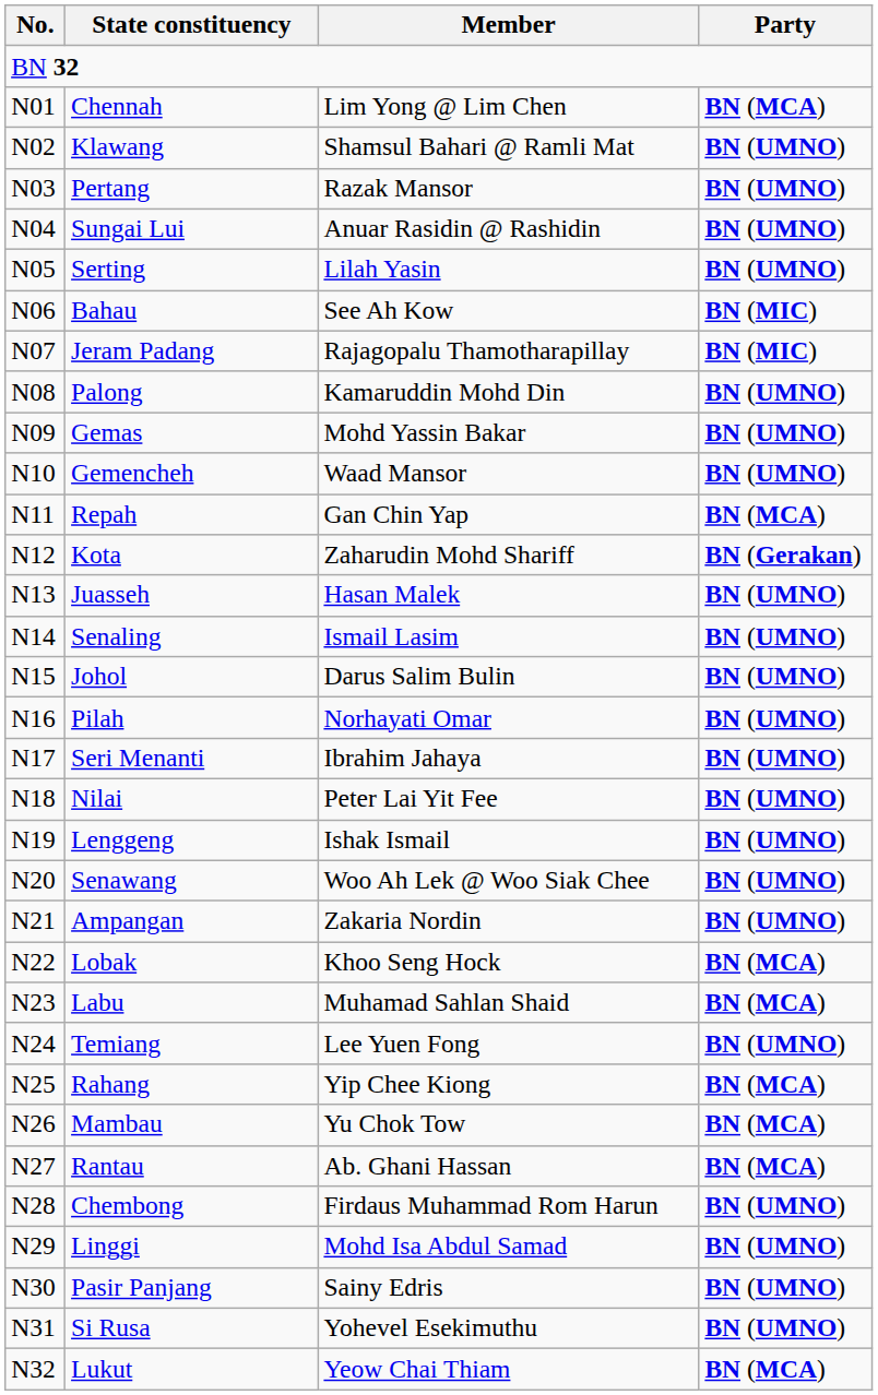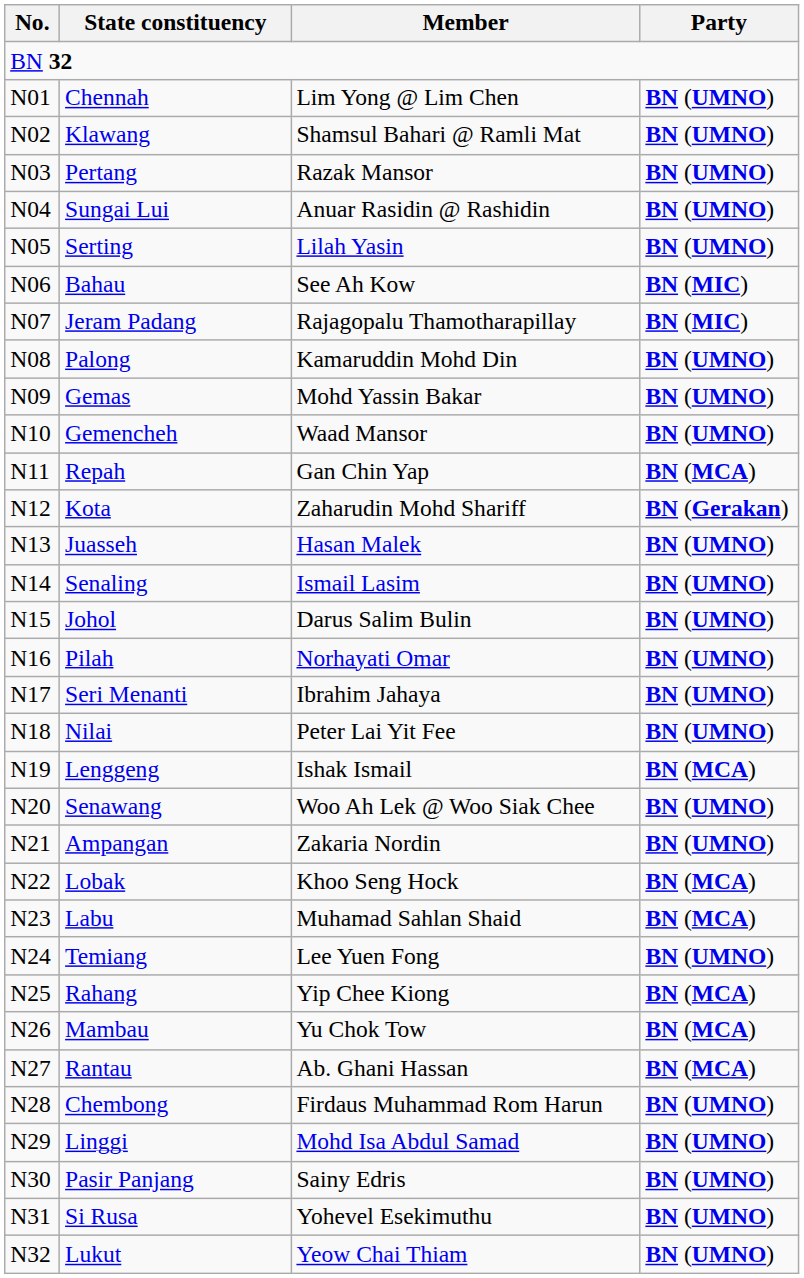 <table class="wikitable sortable">
 <tr>
 <th style="width:30px;">No.</th>
 <th style="width:150px;">State constituency</th>
 <th style="width:230px;">Member</th>
 <th style="width:100px;">Party</th>
 </tr>
 <tr>
 <td colspan="4"><a href='#'>BN</a> <strong>32</strong></td>
 </tr>
 <tr>
 <td>N01</td>
 <td><a href='#'>Chennah</a></td>
 <td>Lim Yong @ Lim Chen</td>
-<td><strong><a href='#'>BN</a></strong> (<strong><a href='#'>MCA</a></strong>)</td>
+<td><strong><a href='#'>BN</a></strong> (<strong><a href='#'>UMNO</a></strong>)</td>
 </tr>
 <tr>
 <td>N02</td>
 <td><a href='#'>Klawang</a></td>
 <td>Shamsul Bahari @ Ramli Mat</td>
 <td><strong><a href='#'>BN</a></strong> (<strong><a href='#'>UMNO</a></strong>)</td>
 </tr>
 <tr>
 <td>N03</td>
 <td><a href='#'>Pertang</a></td>
 <td>Razak Mansor</td>
 <td><strong><a href='#'>BN</a></strong> (<strong><a href='#'>UMNO</a></strong>)</td>
 </tr>
 <tr>
 <td>N04</td>
 <td><a href='#'>Sungai Lui</a></td>
 <td>Anuar Rasidin @ Rashidin</td>
 <td><strong><a href='#'>BN</a></strong> (<strong><a href='#'>UMNO</a></strong>)</td>
 </tr>
 <tr>
 <td>N05</td>
 <td><a href='#'>Serting</a></td>
 <td><a href='#'>Lilah Yasin</a></td>
 <td><strong><a href='#'>BN</a></strong> (<strong><a href='#'>UMNO</a></strong>)</td>
 </tr>
 <tr>
 <td>N06</td>
 <td><a href='#'>Bahau</a></td>
 <td>See Ah Kow</td>
 <td><strong><a href='#'>BN</a></strong> (<strong><a href='#'>MIC</a></strong>)</td>
 </tr>
 <tr>
 <td>N07</td>
 <td><a href='#'>Jeram Padang</a></td>
 <td>Rajagopalu Thamotharapillay</td>
 <td><strong><a href='#'>BN</a></strong> (<strong><a href='#'>MIC</a></strong>)</td>
 </tr>
 <tr>
 <td>N08</td>
 <td><a href='#'>Palong</a></td>
 <td>Kamaruddin Mohd Din</td>
 <td><strong><a href='#'>BN</a></strong> (<strong><a href='#'>UMNO</a></strong>)</td>
 </tr>
 <tr>
 <td>N09</td>
 <td><a href='#'>Gemas</a></td>
 <td>Mohd Yassin Bakar</td>
 <td><strong><a href='#'>BN</a></strong> (<strong><a href='#'>UMNO</a></strong>)</td>
 </tr>
 <tr>
 <td>N10</td>
 <td><a href='#'>Gemencheh</a></td>
 <td>Waad Mansor</td>
 <td><strong><a href='#'>BN</a></strong> (<strong><a href='#'>UMNO</a></strong>)</td>
 </tr>
 <tr>
 <td>N11</td>
 <td><a href='#'>Repah</a></td>
 <td>Gan Chin Yap</td>
 <td><strong><a href='#'>BN</a></strong> (<strong><a href='#'>MCA</a></strong>)</td>
 </tr>
 <tr>
 <td>N12</td>
 <td><a href='#'>Kota</a></td>
 <td>Zaharudin Mohd Shariff</td>
 <td><strong><a href='#'>BN</a></strong> (<strong><a href='#'>Gerakan</a></strong>)</td>
 </tr>
 <tr>
 <td>N13</td>
 <td><a href='#'>Juasseh</a></td>
 <td><a href='#'>Hasan Malek</a></td>
 <td><strong><a href='#'>BN</a></strong> (<strong><a href='#'>UMNO</a></strong>)</td>
 </tr>
 <tr>
 <td>N14</td>
 <td><a href='#'>Senaling</a></td>
 <td><a href='#'>Ismail Lasim</a></td>
 <td><strong><a href='#'>BN</a></strong> (<strong><a href='#'>UMNO</a></strong>)</td>
 </tr>
 <tr>
 <td>N15</td>
 <td><a href='#'>Johol</a></td>
 <td>Darus Salim Bulin</td>
 <td><strong><a href='#'>BN</a></strong> (<strong><a href='#'>UMNO</a></strong>)</td>
 </tr>
 <tr>
 <td>N16</td>
 <td><a href='#'>Pilah</a></td>
 <td><a href='#'>Norhayati Omar</a></td>
 <td><strong><a href='#'>BN</a></strong> (<strong><a href='#'>UMNO</a></strong>)</td>
 </tr>
 <tr>
 <td>N17</td>
 <td><a href='#'>Seri Menanti</a></td>
 <td>Ibrahim Jahaya</td>
 <td><strong><a href='#'>BN</a></strong> (<strong><a href='#'>UMNO</a></strong>)</td>
 </tr>
 <tr>
 <td>N18</td>
 <td><a href='#'>Nilai</a></td>
 <td>Peter Lai Yit Fee</td>
 <td><strong><a href='#'>BN</a></strong> (<strong><a href='#'>UMNO</a></strong>)</td>
 </tr>
 <tr>
 <td>N19</td>
 <td><a href='#'>Lenggeng</a></td>
 <td>Ishak Ismail</td>
-<td><strong><a href='#'>BN</a></strong> (<strong><a href='#'>UMNO</a></strong>)</td>
+<td><strong><a href='#'>BN</a></strong> (<strong><a href='#'>MCA</a></strong>)</td>
 </tr>
 <tr>
 <td>N20</td>
 <td><a href='#'>Senawang</a></td>
 <td>Woo Ah Lek @ Woo Siak Chee</td>
 <td><strong><a href='#'>BN</a></strong> (<strong><a href='#'>UMNO</a></strong>)</td>
 </tr>
 <tr>
 <td>N21</td>
 <td><a href='#'>Ampangan</a></td>
 <td>Zakaria Nordin</td>
 <td><strong><a href='#'>BN</a></strong> (<strong><a href='#'>UMNO</a></strong>)</td>
 </tr>
 <tr>
 <td>N22</td>
 <td><a href='#'>Lobak</a></td>
 <td>Khoo Seng Hock</td>
 <td><strong><a href='#'>BN</a></strong> (<strong><a href='#'>MCA</a></strong>)</td>
 </tr>
 <tr>
 <td>N23</td>
 <td><a href='#'>Labu</a></td>
 <td>Muhamad Sahlan Shaid</td>
 <td><strong><a href='#'>BN</a></strong> (<strong><a href='#'>MCA</a></strong>)</td>
 </tr>
 <tr>
 <td>N24</td>
 <td><a href='#'>Temiang</a></td>
 <td>Lee Yuen Fong</td>
 <td><strong><a href='#'>BN</a></strong> (<strong><a href='#'>UMNO</a></strong>)</td>
 </tr>
 <tr>
 <td>N25</td>
 <td><a href='#'>Rahang</a></td>
 <td>Yip Chee Kiong</td>
 <td><strong><a href='#'>BN</a></strong> (<strong><a href='#'>MCA</a></strong>)</td>
 </tr>
 <tr>
 <td>N26</td>
 <td><a href='#'>Mambau</a></td>
 <td>Yu Chok Tow</td>
 <td><strong><a href='#'>BN</a></strong> (<strong><a href='#'>MCA</a></strong>)</td>
 </tr>
 <tr>
 <td>N27</td>
 <td><a href='#'>Rantau</a></td>
 <td>Ab. Ghani Hassan</td>
 <td><strong><a href='#'>BN</a></strong> (<strong><a href='#'>MCA</a></strong>)</td>
 </tr>
 <tr>
 <td>N28</td>
 <td><a href='#'>Chembong</a></td>
 <td>Firdaus Muhammad Rom Harun</td>
 <td><strong><a href='#'>BN</a></strong> (<strong><a href='#'>UMNO</a></strong>)</td>
 </tr>
 <tr>
 <td>N29</td>
 <td><a href='#'>Linggi</a></td>
 <td><a href='#'>Mohd Isa Abdul Samad</a></td>
 <td><strong><a href='#'>BN</a></strong> (<strong><a href='#'>UMNO</a></strong>)</td>
 </tr>
 <tr>
 <td>N30</td>
 <td><a href='#'>Pasir Panjang</a></td>
 <td>Sainy Edris</td>
 <td><strong><a href='#'>BN</a></strong> (<strong><a href='#'>UMNO</a></strong>)</td>
 </tr>
 <tr>
 <td>N31</td>
 <td><a href='#'>Si Rusa</a></td>
 <td>Yohevel Esekimuthu</td>
 <td><strong><a href='#'>BN</a></strong> (<strong><a href='#'>UMNO</a></strong>)</td>
 </tr>
 <tr>
 <td>N32</td>
 <td><a href='#'>Lukut</a></td>
 <td><a href='#'>Yeow Chai Thiam</a></td>
-<td><strong><a href='#'>BN</a></strong> (<strong><a href='#'>MCA</a></strong>)</td>
+<td><strong><a href='#'>BN</a></strong> (<strong><a href='#'>UMNO</a></strong>)</td>
 </tr>
 </table>
